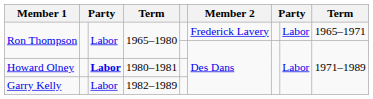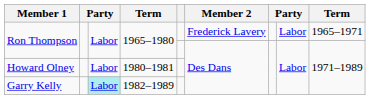 <table class="wikitable">
 <tr>
 <th>Member 1</th>
 <th colspan=2>Party</th>
 <th>Term</th>
 <th></th>
 <th>Member 2</th>
 <th colspan=2>Party</th>
 <th>Term</th>
 </tr>
 <tr>
 <td rowspan=2><a href='#'>Ron Thompson</a></td>
 <td rowspan=2 > </td>
 <td rowspan=2><a href='#'>Labor</a></td>
 <td rowspan=2>1965–1980</td>
 <td> </td>
 <td><a href='#'>Frederick Lavery</a></td>
 <td> </td>
 <td><a href='#'>Labor</a></td>
 <td>1965–1971</td>
 </tr>
 <tr>
 <td> </td>
 <td rowspan=3><a href='#'>Des Dans</a></td>
 <td rowspan=3 > </td>
 <td rowspan=3><a href='#'>Labor</a></td>
 <td rowspan=3>1971–1989</td>
 </tr>
 <tr>
 <td><a href='#'>Howard Olney</a></td>
 <td> </td>
-<td><strong><a href='#'>Labor</a></strong></td>
+<td><a href='#'>Labor</a></td>
 <td>1980–1981</td>
 <td> </td>
 </tr>
 <tr>
 <td><a href='#'>Garry Kelly</a></td>
 <td> </td>
-<td><a href='#'>Labor</a></td>
+<td style="background: paleturquoise;"><a href='#'>Labor</a></td>
 <td>1982–1989</td>
 <td> </td>
 </tr>
 </table>
